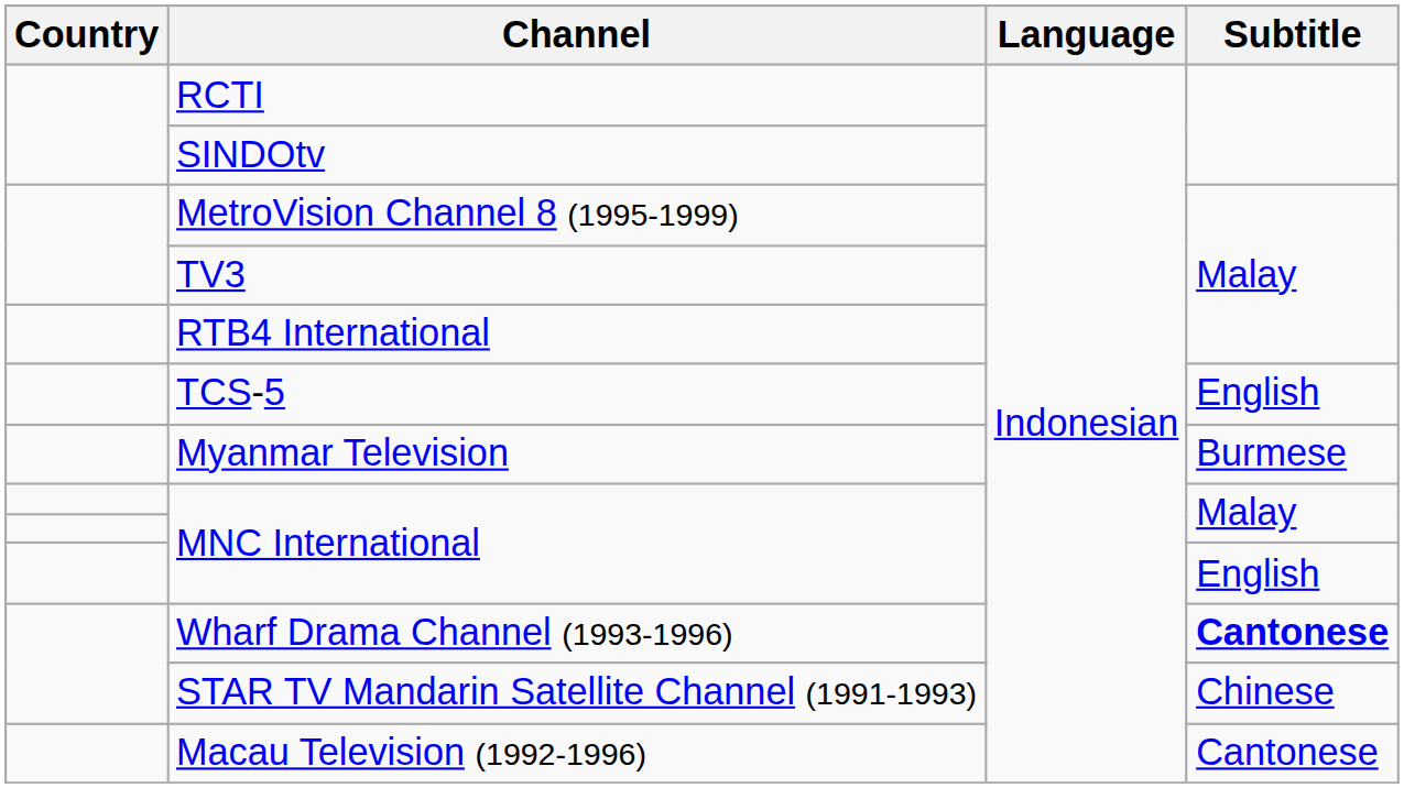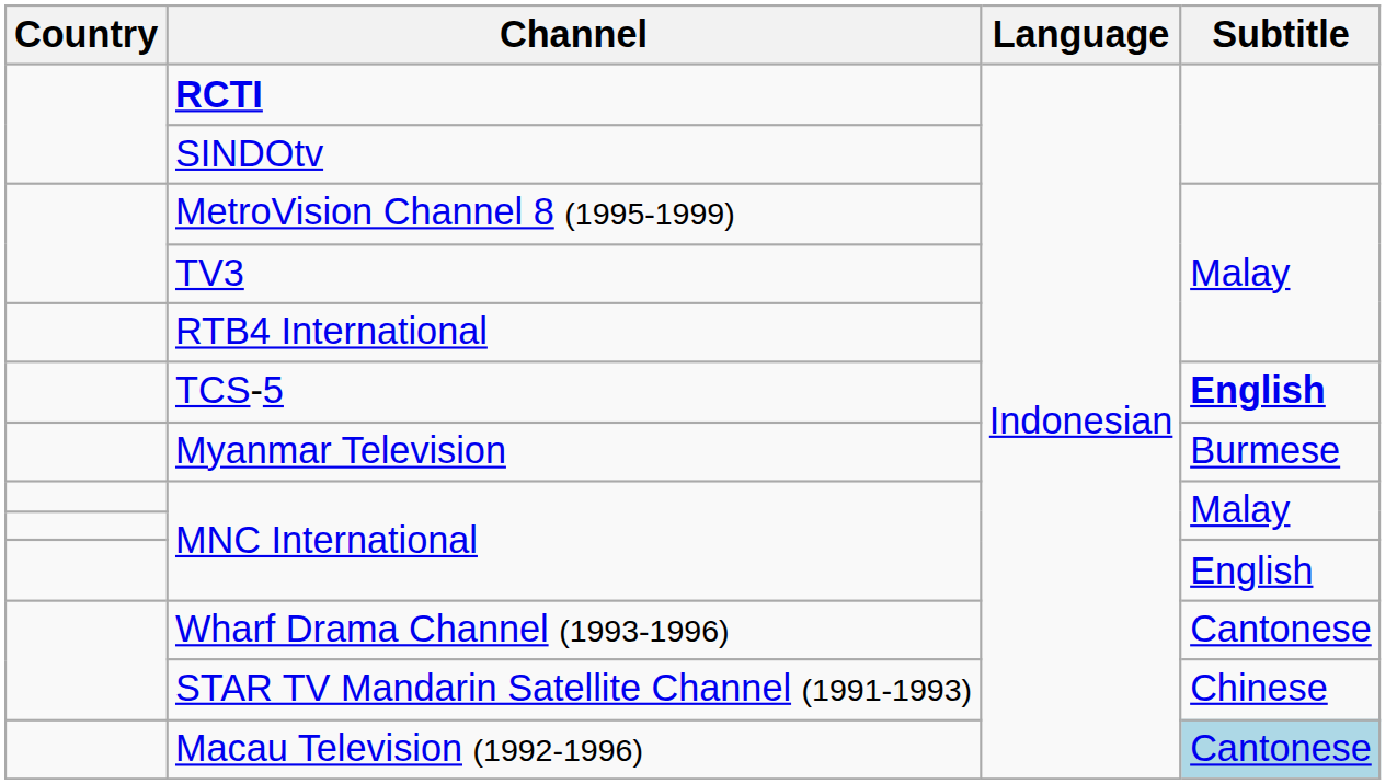 <table class="wikitable unsortable">
 <tr>
 <th>Country</th>
 <th>Channel</th>
 <th>Language</th>
 <th>Subtitle</th>
 </tr>
 <tr>
 <td rowspan="2"></td>
-<td><a href='#'>RCTI</a></td>
+<td><strong><a href='#'>RCTI</a></strong></td>
 <td rowspan="13"><a href='#'>Indonesian</a></td>
 <td rowspan="2"></td>
 </tr>
 <tr>
 <td><a href='#'>SINDOtv</a></td>
 </tr>
 <tr>
 <td rowspan="2"></td>
 <td><a href='#'>MetroVision Channel 8</a> <small>(1995-1999)</small></td>
 <td rowspan="3"><a href='#'>Malay</a></td>
 </tr>
 <tr>
 <td><a href='#'>TV3</a></td>
 </tr>
 <tr>
 <td></td>
 <td><a href='#'>RTB4 International</a></td>
 </tr>
 <tr>
 <td></td>
 <td><a href='#'>TCS</a>-<a href='#'>5</a></td>
-<td><a href='#'>English</a></td>
+<td><strong><a href='#'>English</a></strong></td>
 </tr>
 <tr>
 <td></td>
 <td><a href='#'>Myanmar Television</a></td>
 <td><a href='#'>Burmese</a></td>
 </tr>
 <tr>
 <td></td>
 <td rowspan="3"><a href='#'>MNC International</a></td>
 <td rowspan="2"><a href='#'>Malay</a></td>
 </tr>
 <tr>
 <td></td>
 </tr>
 <tr>
 <td></td>
 <td><a href='#'>English</a></td>
 </tr>
 <tr>
 <td rowspan="2"></td>
 <td><a href='#'>Wharf Drama Channel</a> <small>(1993-1996)</small></td>
-<td><strong><a href='#'>Cantonese</a></strong></td>
+<td><a href='#'>Cantonese</a></td>
 </tr>
 <tr>
 <td><a href='#'>STAR TV Mandarin Satellite Channel</a> <small>(1991-1993)</small></td>
 <td><a href='#'>Chinese</a></td>
 </tr>
 <tr>
 <td></td>
 <td><a href='#'>Macau Television</a> <small>(1992-1996)</small></td>
-<td><a href='#'>Cantonese</a></td>
+<td style="background: lightblue;"><a href='#'>Cantonese</a></td>
 </tr>
 </table>
